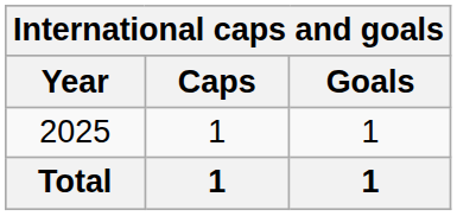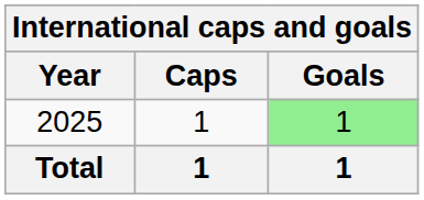 <table class="wikitable sortable" style="text-align:center">
 <tr>
 <th colspan="3">International caps and goals</th>
 </tr>
 <tr>
 <th>Year</th>
 <th>Caps</th>
 <th>Goals</th>
 </tr>
 <tr>
 <td>2025</td>
 <td>1</td>
-<td>1</td>
+<td style="background: lightgreen;">1</td>
 </tr>
 <tr>
 <th>Total</th>
 <th>1</th>
 <th>1</th>
 </tr>
 </table>
